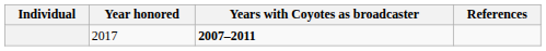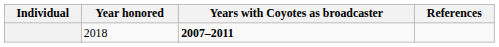 <table class="wikitable sortable" width="75%">
 <tr>
 <th scope="col">Individual</th>
 <th scope="col">Year honored</th>
 <th scope="col">Years with Coyotes as broadcaster</th>
 <th scope="col" class="unsortable">References</th>
 </tr>
 <tr>
 <th scope="row"></th>
-<td>2017</td>
+<td>2018</td>
 <td><strong>2007–2011</strong></td>
 <td></td>
 </tr>
 </table>
